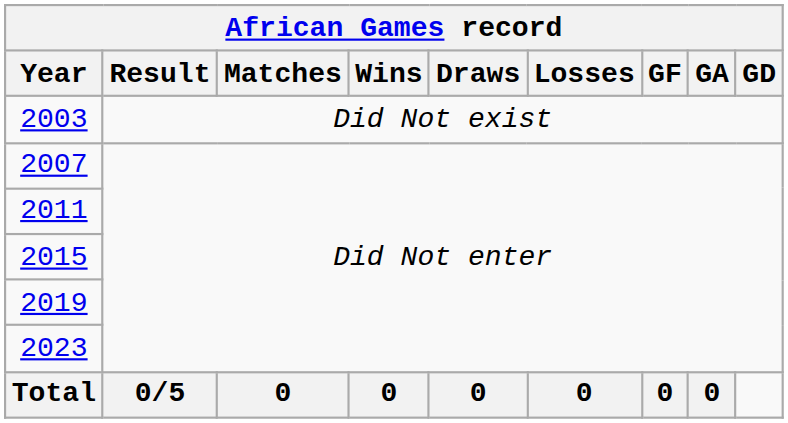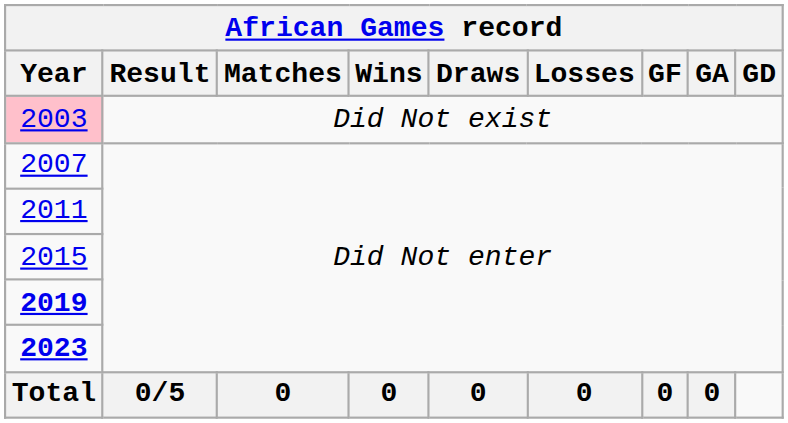 <table class="wikitable" style="text-align: center;">
 <tr>
 <th colspan=9><a href='#'>African Games</a> record</th>
 </tr>
 <tr>
 <th>Year</th>
 <th>Result</th>
 <th>Matches</th>
 <th>Wins</th>
 <th>Draws</th>
 <th>Losses</th>
 <th>GF</th>
 <th>GA</th>
 <th>GD</th>
 </tr>
 <tr>
-<td> <a href='#'>2003</a></td>
+<td style="background: pink;"> <a href='#'>2003</a></td>
 <td colspan=8><em>Did Not exist</em></td>
 </tr>
 <tr>
 <td> <a href='#'>2007</a></td>
 <td colspan=8  rowspan= 5><em>Did Not enter </em></td>
 </tr>
 <tr>
 <td> <a href='#'>2011</a></td>
 </tr>
 <tr>
 <td> <a href='#'>2015</a></td>
 </tr>
 <tr>
-<td> <a href='#'>2019</a></td>
+<td><strong> <a href='#'>2019</a></strong></td>
 </tr>
 <tr>
-<td> <a href='#'>2023</a></td>
+<td><strong> <a href='#'>2023</a></strong></td>
 </tr>
 <tr>
 <th>Total</th>
 <th>0/5</th>
 <th>0</th>
 <th>0</th>
 <th>0</th>
 <th>0</th>
 <th>0</th>
 <th>0</th>
 </tr>
 </table>
